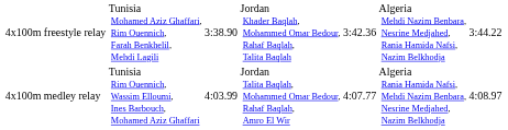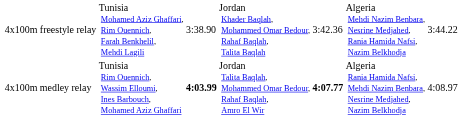 <table>
 <tr>
 <td>4x100m freestyle relay</td>
 <td> Tunisia <small><br>  <a href='#'>Mohamed Aziz Ghaffari</a>, <br>  <a href='#'>Rim Ouennich</a>, <br>  <a href='#'>Farah Benkhelil</a>, <br>  <a href='#'>Mehdi Lagili</a> </small></td>
 <td>3:38.90</td>
 <td> Jordan <small><br>  <a href='#'>Khader Baqlah</a>, <br>  <a href='#'>Mohammed Omar Bedour</a>, <br>  <a href='#'>Rahaf Baqlah</a>, <br>  <a href='#'>Talita Baqlah</a> </small></td>
 <td>3:42.36</td>
 <td> Algeria <small><br>  <a href='#'>Mehdi Nazim Benbara</a>, <br>  <a href='#'>Nesrine Medjahed</a>, <br>  <a href='#'>Rania Hamida Nafsi</a>, <br>  <a href='#'>Nazim Belkhodja</a> </small></td>
 <td>3:44.22</td>
 </tr>
 <tr>
 <td>4x100m medley relay</td>
 <td> Tunisia <small><br>  <a href='#'>Rim Ouennich</a>, <br>  <a href='#'>Wassim Elloumi</a>, <br>  <a href='#'>Ines Barbouch</a>, <br>  <a href='#'>Mohamed Aziz Ghaffari</a> </small></td>
-<td>4:03.99</td>
+<td><strong>4:03.99</strong></td>
 <td> Jordan <small><br>  <a href='#'>Talita Baqlah</a>, <br>  <a href='#'>Mohammed Omar Bedour</a>, <br>  <a href='#'>Rahaf Baqlah</a>, <br>  <a href='#'>Amro El Wir</a> </small></td>
-<td>4:07.77</td>
+<td><strong>4:07.77</strong></td>
 <td> Algeria <small><br>  <a href='#'>Rania Hamida Nafsi</a>, <br>  <a href='#'>Mehdi Nazim Benbara</a>, <br>  <a href='#'>Nesrine Medjahed</a>, <br>  <a href='#'>Nazim Belkhodja</a> </small></td>
 <td>4:08.97</td>
 </tr>
 <tr>
 </tr>
 </table>
